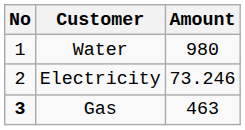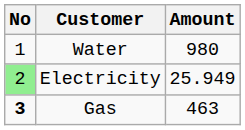 <table class="wikitable" style="text-align:center">
 <tr>
 <th>No</th>
 <th>Customer</th>
 <th>Amount</th>
 </tr>
 <tr>
 <td>1</td>
 <td>Water</td>
 <td>980</td>
 </tr>
 <tr>
-<td>2</td>
+<td style="background: lightgreen;">2</td>
 <td>Electricity</td>
-<td>73.246</td>
+<td>25.949</td>
 </tr>
 <tr>
 <td><strong>3</strong></td>
 <td>Gas</td>
 <td>463</td>
 </tr>
 </table>
